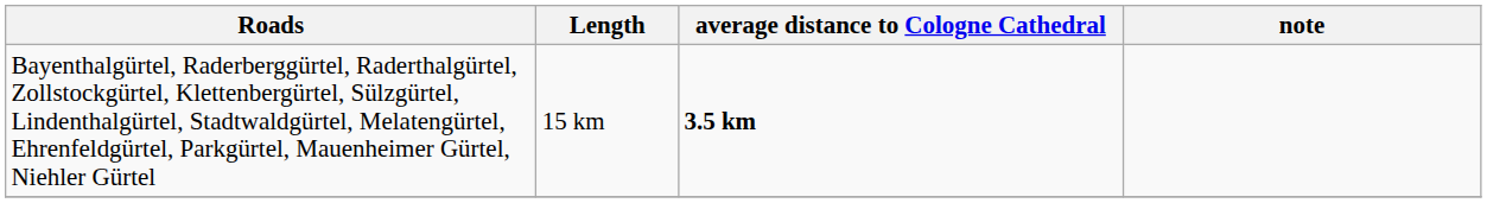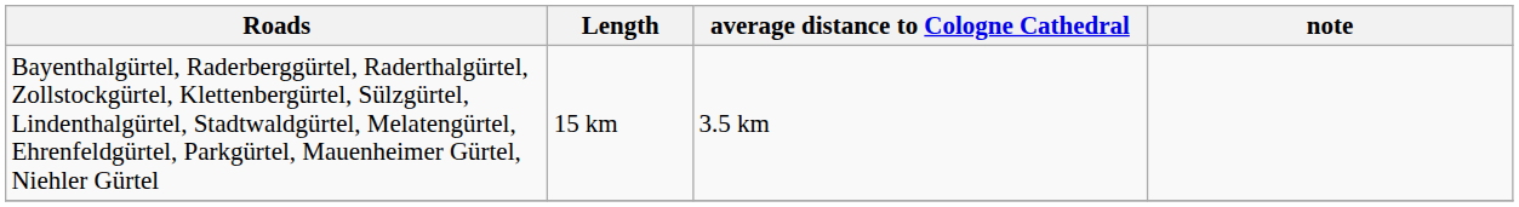 <table class="wikitable" width=950>
 <tr>
 <th width="300px">Roads</th>
 <th width="75px">Length</th>
 <th width="250px">average distance to <a href='#'>Cologne Cathedral</a></th>
 <th width="200px">note</th>
 </tr>
 <tr>
 <td>Bayenthalgürtel, Raderberggürtel, Raderthalgürtel, Zollstockgürtel, Klettenbergürtel, Sülzgürtel, Lindenthalgürtel, Stadtwaldgürtel, Melatengürtel, Ehrenfeldgürtel, Parkgürtel, Mauenheimer Gürtel, Niehler Gürtel</td>
 <td>15 km</td>
-<td><strong>3.5 km</strong></td>
+<td>3.5 km</td>
 <td></td>
 </tr>
 <tr>
 </tr>
 </table>
